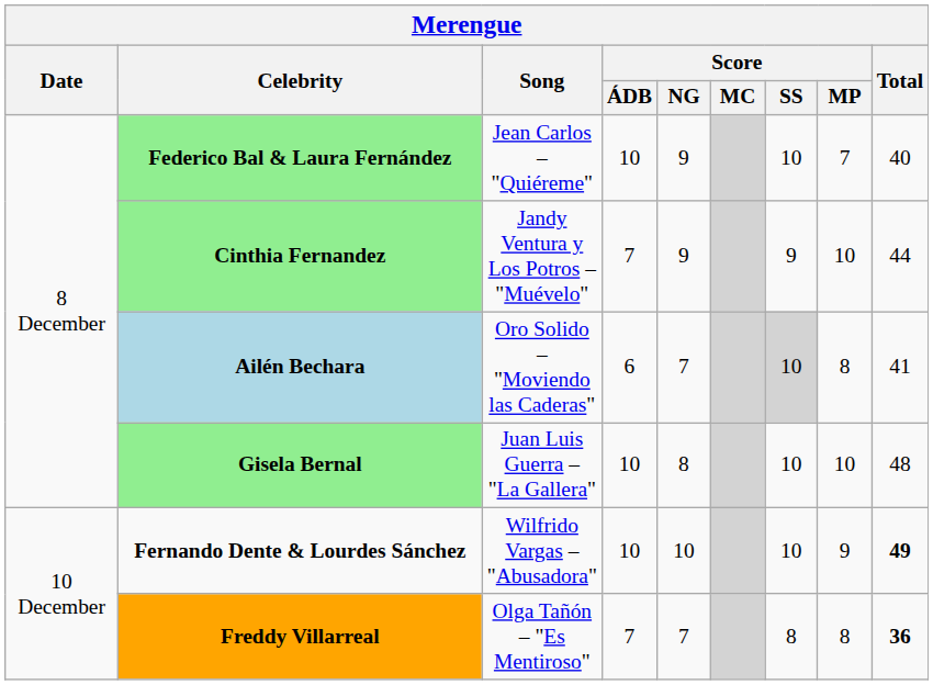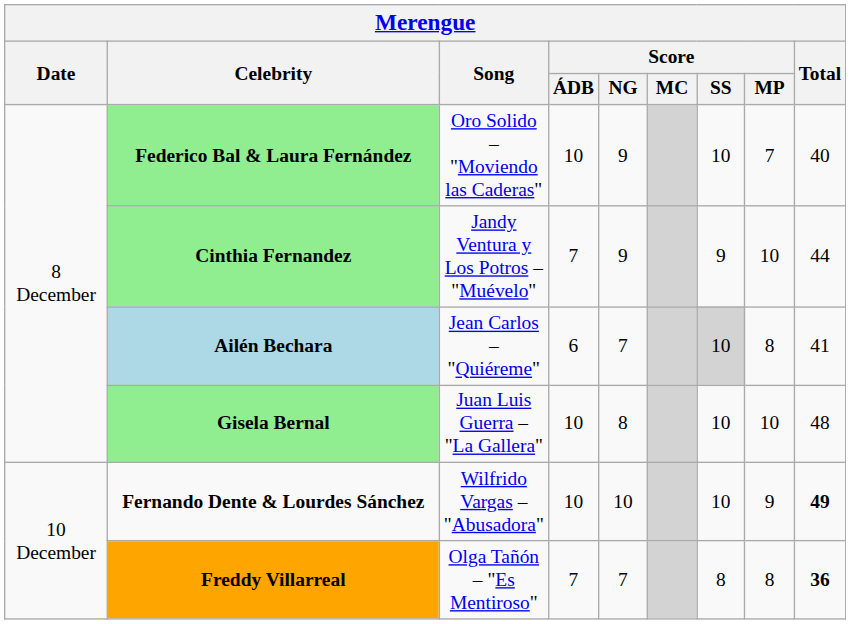 <table class="wikitable collapsible collapsed" style="font-size:90%; text-align: center; width: 100%;">
 <tr>
 <th colspan="11" style="with: 95%;" align=center><big><a href='#'>Merengue</a></big></th>
 </tr>
 <tr>
 <th width=70 rowspan="2">Date</th>
 <th width=250 rowspan="2">Celebrity</th>
 <th rowspan="2">Song</th>
 <th colspan="5">Score</th>
 <th rowspan="2">Total</th>
 </tr>
 <tr>
 <th width=30>ÁDB</th>
 <th width=30>NG</th>
 <th width=30>MC</th>
 <th width=30>SS</th>
 <th width=30>MP</th>
 </tr>
 <tr>
 <td rowspan=4>8 December</td>
 <td style="background:lightgreen;"><strong>Federico Bal & Laura Fernández</strong></td>
-<td><a href='#'>Jean Carlos</a> – "<a href='#'>Quiéreme</a>"</td>
+<td><a href='#'>Oro Solido</a> – "<a href='#'>Moviendo las Caderas</a>"</td>
 <td>10</td>
 <td>9</td>
 <td bgcolor="lightgray"></td>
 <td>10</td>
 <td>7</td>
 <td>40</td>
 </tr>
 <tr>
 <td style="background:lightgreen;"><strong>Cinthia Fernandez</strong></td>
 <td><a href='#'>Jandy Ventura y Los Potros</a> – "<a href='#'>Muévelo</a>"</td>
 <td>7</td>
 <td>9</td>
 <td bgcolor="lightgray"></td>
 <td>9</td>
 <td>10</td>
 <td>44</td>
 </tr>
 <tr>
 <td style="background:lightblue;"><strong>Ailén Bechara</strong></td>
-<td><a href='#'>Oro Solido</a> – "<a href='#'>Moviendo las Caderas</a>"</td>
+<td><a href='#'>Jean Carlos</a> – "<a href='#'>Quiéreme</a>"</td>
 <td>6</td>
 <td>7</td>
 <td bgcolor="lightgray"></td>
 <td style="background: lightgrey;">10</td>
 <td>8</td>
 <td>41</td>
 </tr>
 <tr>
 <td style="background:lightgreen;"><strong>Gisela Bernal</strong></td>
 <td><a href='#'>Juan Luis Guerra</a> – "<a href='#'>La Gallera</a>"</td>
 <td>10</td>
 <td>8</td>
 <td bgcolor="lightgray"></td>
 <td>10</td>
 <td>10</td>
 <td>48</td>
 </tr>
 <tr>
 <td rowspan="2">10 December</td>
 <td><strong>Fernando Dente & Lourdes Sánchez</strong></td>
 <td><a href='#'>Wilfrido Vargas</a> – "<a href='#'>Abusadora</a>"</td>
 <td>10</td>
 <td>10</td>
 <td bgcolor="lightgray"></td>
 <td>10</td>
 <td>9</td>
 <td><span><strong>49</strong></span></td>
 </tr>
 <tr>
 <td style="background:Orange;"><strong>Freddy Villarreal</strong></td>
 <td><a href='#'>Olga Tañón</a> – "<a href='#'>Es Mentiroso</a>"</td>
 <td>7</td>
 <td>7</td>
 <td bgcolor="lightgray"></td>
 <td>8</td>
 <td>8</td>
 <td><span><strong>36</strong></span></td>
 </tr>
 </table>
